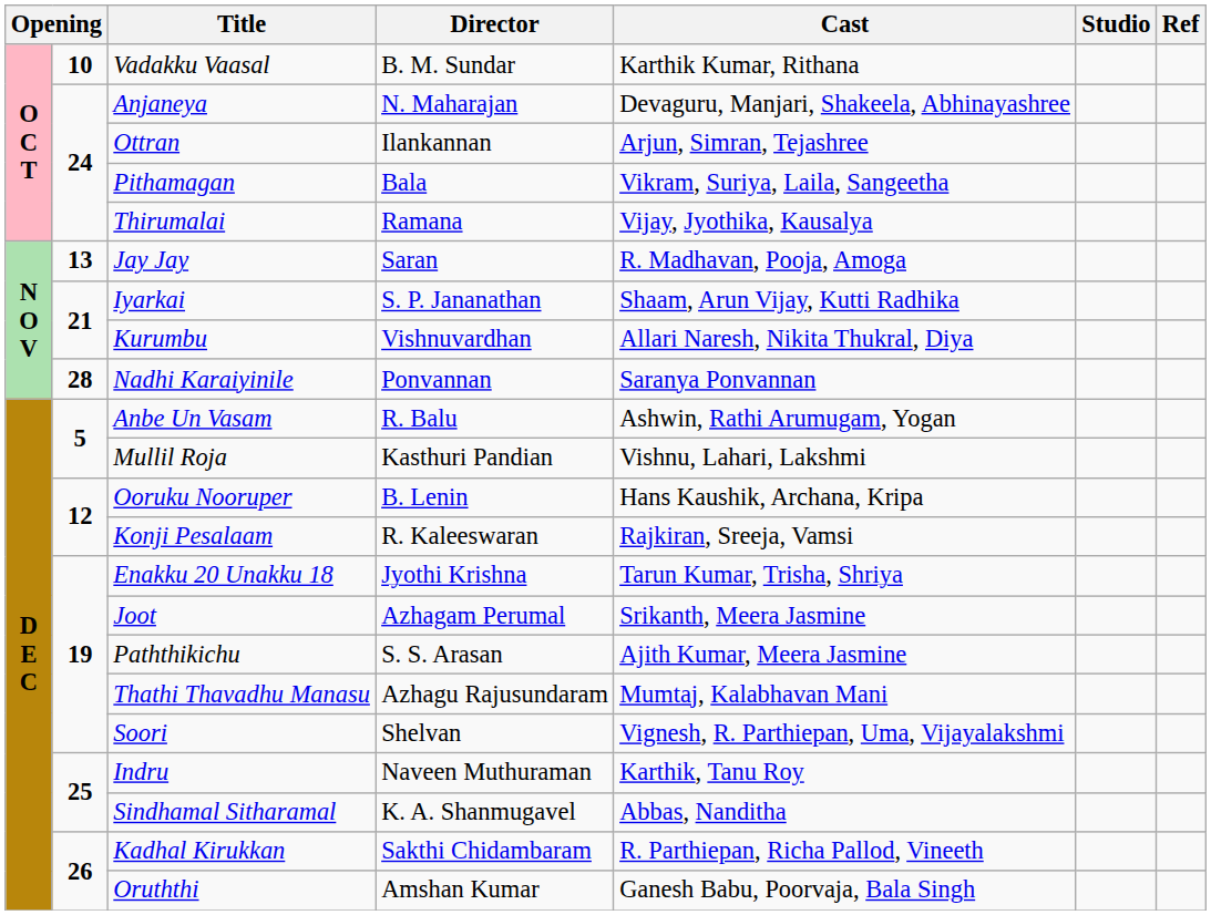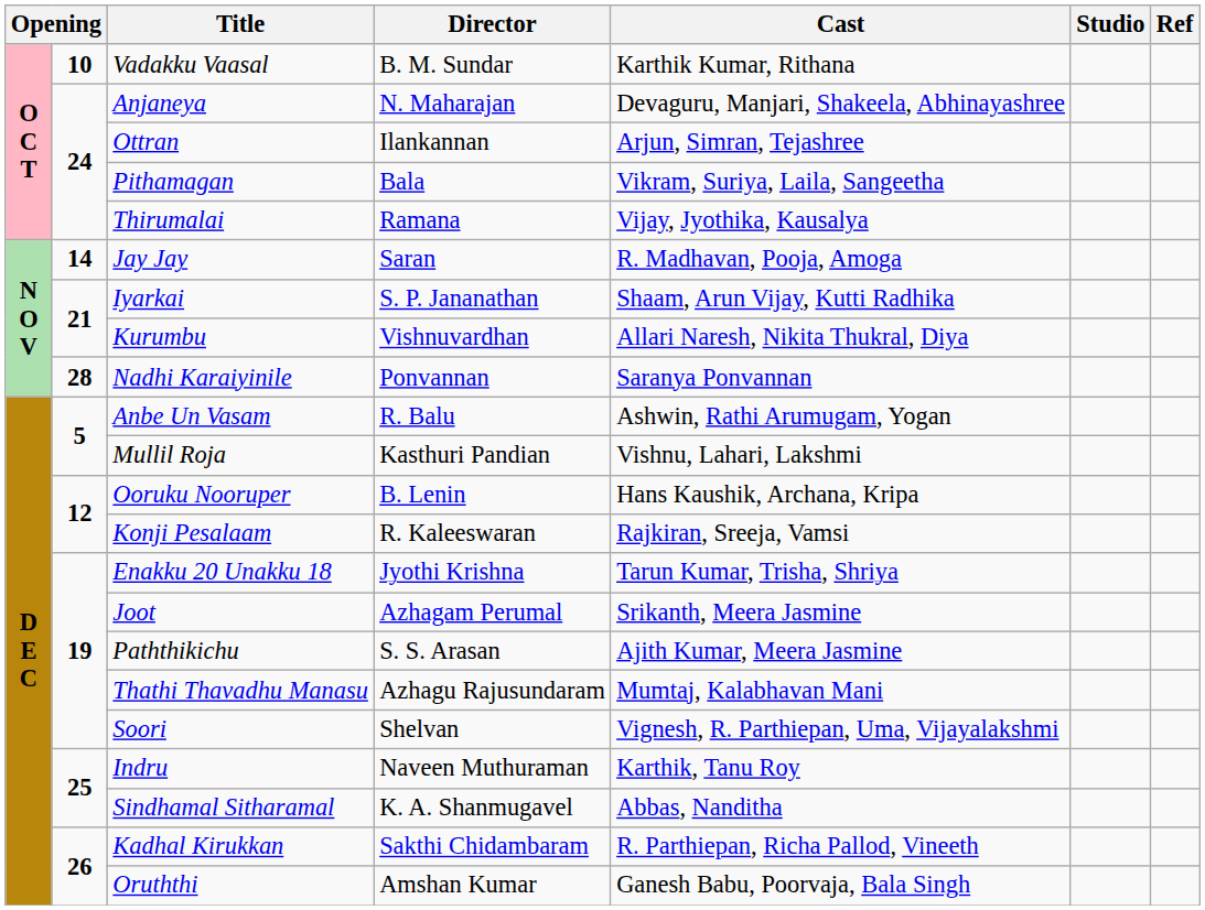 <table class="wikitable">
 <tr>
 <th colspan="2">Opening</th>
 <th>Title</th>
 <th>Director</th>
 <th>Cast</th>
 <th>Studio</th>
 <th>Ref</th>
 </tr>
 <tr October!>
 <td rowspan="5" valign="center" align="center" style="background:#FFB7C5; textcolor:#000;"><strong>O<br>C<br>T</strong></td>
 <td rowspan="1" align="center"><strong>10</strong></td>
 <td><em>Vadakku Vaasal</em></td>
 <td>B. M. Sundar</td>
 <td>Karthik Kumar, Rithana</td>
 <td></td>
 <td></td>
 </tr>
 <tr>
 <td rowspan="4" align="center"><strong>24</strong></td>
 <td><em><a href='#'>Anjaneya</a></em></td>
 <td><a href='#'>N. Maharajan</a></td>
 <td>Devaguru, Manjari, <a href='#'>Shakeela</a>, <a href='#'>Abhinayashree</a></td>
 <td></td>
 <td></td>
 </tr>
 <tr>
 <td><em><a href='#'>Ottran</a></em></td>
 <td>Ilankannan</td>
 <td><a href='#'>Arjun</a>, <a href='#'>Simran</a>, <a href='#'>Tejashree</a></td>
 <td></td>
 <td></td>
 </tr>
 <tr>
 <td><em><a href='#'>Pithamagan</a></em></td>
 <td><a href='#'>Bala</a></td>
 <td><a href='#'>Vikram</a>, <a href='#'>Suriya</a>, <a href='#'>Laila</a>, <a href='#'>Sangeetha</a></td>
 <td></td>
 <td></td>
 </tr>
 <tr>
 <td><em><a href='#'>Thirumalai</a></em></td>
 <td><a href='#'>Ramana</a></td>
 <td><a href='#'>Vijay</a>, <a href='#'>Jyothika</a>, <a href='#'>Kausalya</a></td>
 <td></td>
 <td></td>
 </tr>
 <tr November!>
 <td rowspan="4" valign="center" align="center" style="background:#ACE1AF; textcolor:#000;"><strong>N<br>O<br>V</strong></td>
-<td rowspan="1" align="center"><strong>13</strong></td>
+<td rowspan="1" align="center"><strong>14</strong></td>
 <td><em><a href='#'>Jay Jay</a></em></td>
 <td><a href='#'>Saran</a></td>
 <td><a href='#'>R. Madhavan</a>, <a href='#'>Pooja</a>, <a href='#'>Amoga</a></td>
 <td></td>
 <td></td>
 </tr>
 <tr>
 <td rowspan="2" align="center"><strong>21</strong></td>
 <td><em><a href='#'>Iyarkai</a></em></td>
 <td><a href='#'>S. P. Jananathan</a></td>
 <td><a href='#'>Shaam</a>, <a href='#'>Arun Vijay</a>, <a href='#'>Kutti Radhika</a></td>
 <td></td>
 <td></td>
 </tr>
 <tr>
 <td><em><a href='#'>Kurumbu</a></em></td>
 <td><a href='#'>Vishnuvardhan</a></td>
 <td><a href='#'>Allari Naresh</a>, <a href='#'>Nikita Thukral</a>, <a href='#'>Diya</a></td>
 <td></td>
 <td></td>
 </tr>
 <tr>
 <td rowspan="1" align="center"><strong>28</strong></td>
 <td><em><a href='#'>Nadhi Karaiyinile</a></em></td>
 <td><a href='#'>Ponvannan</a></td>
 <td><a href='#'>Saranya Ponvannan</a></td>
 <td></td>
 <td></td>
 </tr>
 <tr December!>
 <td rowspan="13" valign="center" align="center" style="background:#B8860B; textcolor:#000;"><strong>D<br>E<br>C</strong></td>
 <td rowspan="2" align="center"><strong>5</strong></td>
 <td><em><a href='#'>Anbe Un Vasam</a></em></td>
 <td><a href='#'>R. Balu</a></td>
 <td>Ashwin, <a href='#'>Rathi Arumugam</a>, Yogan</td>
 <td></td>
 <td></td>
 </tr>
 <tr>
 <td><em>Mullil Roja</em></td>
 <td>Kasthuri Pandian</td>
 <td>Vishnu, Lahari, Lakshmi</td>
 <td></td>
 <td></td>
 </tr>
 <tr>
 <td rowspan="2" align="center"><strong>12</strong></td>
 <td><em><a href='#'>Ooruku Nooruper</a></em></td>
 <td><a href='#'>B. Lenin</a></td>
 <td>Hans Kaushik, Archana, Kripa</td>
 <td></td>
 <td></td>
 </tr>
 <tr>
 <td><em><a href='#'>Konji Pesalaam</a></em></td>
 <td>R. Kaleeswaran</td>
 <td><a href='#'>Rajkiran</a>, Sreeja, Vamsi</td>
 <td></td>
 <td></td>
 </tr>
 <tr>
 <td rowspan="5" align="center"><strong>19</strong></td>
 <td><em><a href='#'>Enakku 20 Unakku 18</a></em></td>
 <td><a href='#'>Jyothi Krishna</a></td>
 <td><a href='#'>Tarun Kumar</a>, <a href='#'>Trisha</a>, <a href='#'>Shriya</a></td>
 <td></td>
 <td></td>
 </tr>
 <tr>
 <td><em><a href='#'>Joot</a></em></td>
 <td><a href='#'>Azhagam Perumal</a></td>
 <td><a href='#'>Srikanth</a>, <a href='#'>Meera Jasmine</a></td>
 <td></td>
 <td></td>
 </tr>
 <tr>
 <td><em>Paththikichu</em></td>
 <td>S. S. Arasan</td>
 <td><a href='#'>Ajith Kumar</a>, <a href='#'>Meera Jasmine</a></td>
 <td></td>
 <td></td>
 </tr>
 <tr>
 <td><em><a href='#'>Thathi Thavadhu Manasu</a></em></td>
 <td>Azhagu Rajusundaram</td>
 <td><a href='#'>Mumtaj</a>, <a href='#'>Kalabhavan Mani</a></td>
 <td></td>
 <td></td>
 </tr>
 <tr>
 <td><em><a href='#'>Soori</a></em></td>
 <td>Shelvan</td>
 <td><a href='#'>Vignesh</a>, <a href='#'>R. Parthiepan</a>, <a href='#'>Uma</a>, <a href='#'>Vijayalakshmi</a></td>
 <td></td>
 <td></td>
 </tr>
 <tr>
 <td rowspan="2" align="center"><strong>25</strong></td>
 <td><em><a href='#'>Indru</a></em></td>
 <td>Naveen Muthuraman</td>
 <td><a href='#'>Karthik</a>, <a href='#'>Tanu Roy</a></td>
 <td></td>
 <td></td>
 </tr>
 <tr>
 <td><em><a href='#'>Sindhamal Sitharamal</a></em></td>
 <td>K. A. Shanmugavel</td>
 <td><a href='#'>Abbas</a>, <a href='#'>Nanditha</a></td>
 <td></td>
 <td></td>
 </tr>
 <tr>
 <td rowspan="2" align="center"><strong>26</strong></td>
 <td><em><a href='#'>Kadhal Kirukkan</a></em></td>
 <td><a href='#'>Sakthi Chidambaram</a></td>
 <td><a href='#'>R. Parthiepan</a>, <a href='#'>Richa Pallod</a>, <a href='#'>Vineeth</a></td>
 <td></td>
 <td></td>
 </tr>
 <tr>
 <td><em><a href='#'>Oruththi</a></em></td>
 <td>Amshan Kumar</td>
 <td>Ganesh Babu, Poorvaja, <a href='#'>Bala Singh</a></td>
 <td></td>
 <td></td>
 </tr>
 <tr>
 </tr>
 </table>
